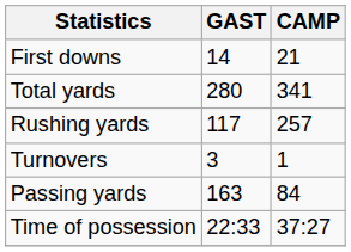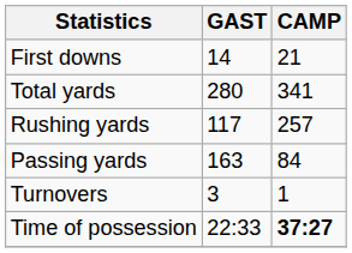 <table class="wikitable" style="float: left;">
 <tr>
 <th>Statistics</th>
 <th>GAST</th>
 <th>CAMP</th>
 </tr>
 <tr>
 <td>First downs</td>
 <td>14</td>
 <td>21</td>
 </tr>
 <tr>
 <td>Total yards</td>
 <td>280</td>
 <td>341</td>
 </tr>
 <tr>
 <td>Rushing yards</td>
 <td>117</td>
 <td>257</td>
 </tr>
 <tr>
+<td>Passing yards</td>
+<td>163</td>
+<td>84</td>
+</tr>
+<tr>
 <td>Turnovers</td>
 <td>3</td>
 <td>1</td>
 </tr>
 <tr>
-<td>Passing yards</td>
-<td>163</td>
-<td>84</td>
-</tr>
-<tr>
 <td>Time of possession</td>
 <td>22:33</td>
-<td>37:27</td>
+<td><strong>37:27</strong></td>
 </tr>
 <tr>
 </tr>
 </table>
